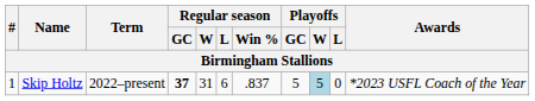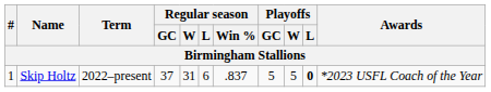 <table class="wikitable" style="text-align:center">
 <tr>
 <th rowspan="2">#</th>
 <th rowspan="2">Name</th>
 <th rowspan="2">Term</th>
 <th colspan="4">Regular season</th>
 <th colspan="3">Playoffs</th>
 <th rowspan="2">Awards</th>
 </tr>
 <tr>
 <th>GC</th>
 <th>W</th>
 <th>L</th>
 <th>Win %</th>
 <th>GC</th>
 <th>W</th>
 <th>L</th>
 </tr>
 <tr>
 <th colspan="11">Birmingham Stallions</th>
 </tr>
 <tr>
 <td>1</td>
 <td><a href='#'>Skip Holtz</a></td>
 <td>2022–present</td>
-<td><strong>37</strong></td>
+<td>37</td>
 <td>31</td>
 <td>6</td>
 <td>.837</td>
 <td>5</td>
-<td style="background: lightblue;">5</td>
-<td>0</td>
+<td>5</td>
+<td><strong>0</strong></td>
 <td><em>*2023 USFL Coach of the Year</em></td>
 </tr>
 </table>
